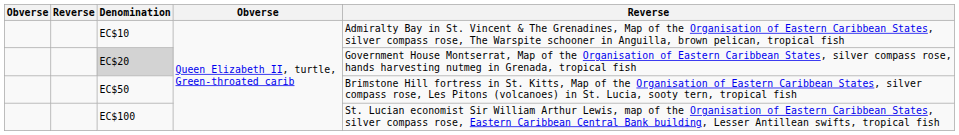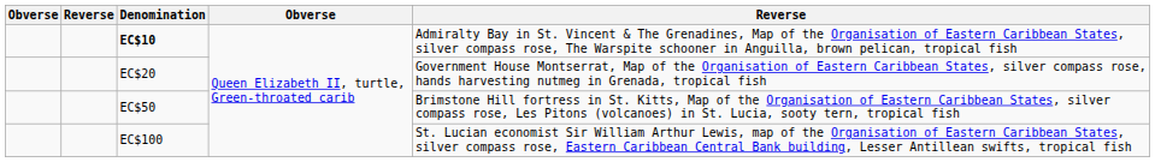 <table class="wikitable">
 <tr>
 <th>Obverse</th>
 <th>Reverse</th>
 <th>Denomination</th>
 <th>Obverse</th>
 <th>Reverse</th>
 </tr>
 <tr>
 <td></td>
 <td></td>
-<td>EC$10</td>
+<td><strong>EC$10</strong></td>
 <td rowspan="4"><a href='#'>Queen Elizabeth II</a>, turtle, <a href='#'>Green-throated carib</a></td>
 <td>Admiralty Bay in St. Vincent & The Grenadines, Map of the <a href='#'>Organisation of Eastern Caribbean States</a>, silver compass rose, The Warspite schooner in Anguilla, brown pelican, tropical fish</td>
 </tr>
 <tr>
 <td></td>
 <td></td>
-<td style="background: lightgrey;">EC$20</td>
+<td>EC$20</td>
 <td>Government House Montserrat, Map of the <a href='#'>Organisation of Eastern Caribbean States</a>, silver compass rose, hands harvesting nutmeg in Grenada, tropical fish</td>
 </tr>
 <tr>
 <td></td>
 <td></td>
 <td>EC$50</td>
 <td>Brimstone Hill fortress in St. Kitts, Map of the <a href='#'>Organisation of Eastern Caribbean States</a>, silver compass rose, Les Pitons (volcanoes) in St. Lucia, sooty tern, tropical fish</td>
 </tr>
 <tr>
 <td></td>
 <td></td>
 <td>EC$100</td>
 <td>St. Lucian economist Sir William Arthur Lewis, map of the <a href='#'>Organisation of Eastern Caribbean States</a>, silver compass rose, <a href='#'>Eastern Caribbean Central Bank building</a>, Lesser Antillean swifts, tropical fish</td>
 </tr>
 </table>
